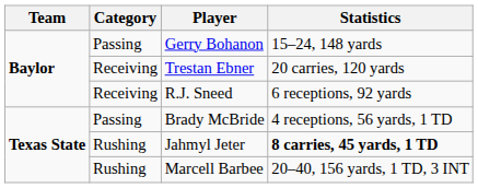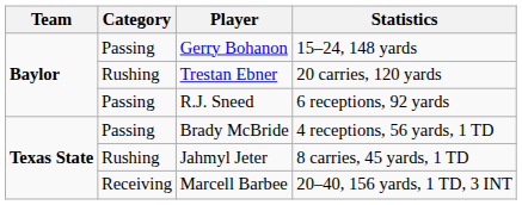 <table class="wikitable" style="float: right;">
 <tr>
 <th>Team</th>
 <th>Category</th>
 <th>Player</th>
 <th>Statistics</th>
 </tr>
 <tr>
 <td rowspan=3><strong>Baylor</strong></td>
 <td>Passing</td>
 <td><a href='#'>Gerry Bohanon</a></td>
 <td>15–24, 148 yards</td>
 </tr>
 <tr>
-<td>Receiving</td>
+<td>Rushing</td>
 <td><a href='#'>Trestan Ebner</a></td>
 <td>20 carries, 120 yards</td>
 </tr>
 <tr>
-<td>Receiving</td>
+<td>Passing</td>
 <td>R.J. Sneed</td>
 <td>6 receptions, 92 yards</td>
 </tr>
 <tr>
 <td rowspan=3><strong>Texas State</strong></td>
 <td>Passing</td>
 <td>Brady McBride</td>
 <td>4 receptions, 56 yards, 1 TD</td>
 </tr>
 <tr>
 <td>Rushing</td>
 <td>Jahmyl Jeter</td>
-<td><strong>8 carries, 45 yards, 1 TD</strong></td>
+<td>8 carries, 45 yards, 1 TD</td>
 </tr>
 <tr>
-<td>Rushing</td>
+<td>Receiving</td>
 <td>Marcell Barbee</td>
 <td>20–40, 156 yards, 1 TD, 3 INT</td>
 </tr>
 </table>
